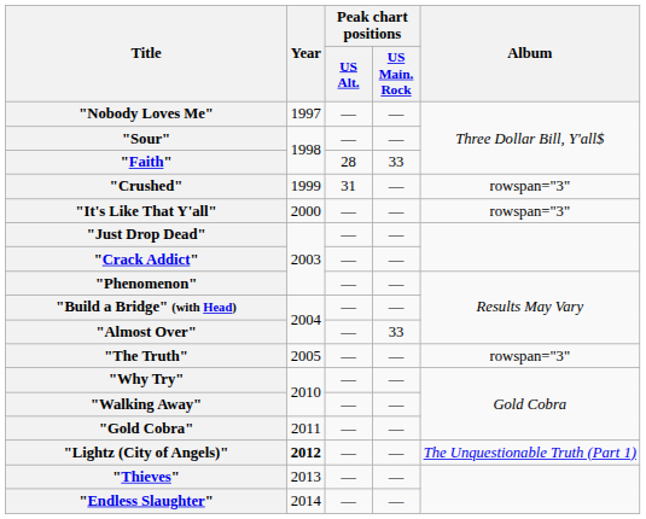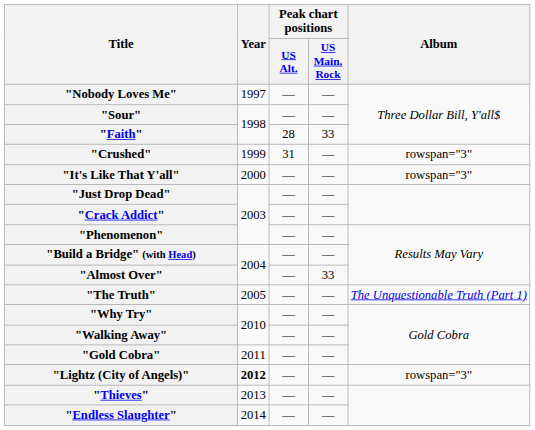 <table class="wikitable plainrowheaders" style="text-align:center;">
 <tr>
 <th scope="col" rowspan="2" style="width:18em;">Title</th>
 <th scope="col" rowspan="2">Year</th>
 <th scope="col" colspan="2">Peak chart positions</th>
 <th scope="col" rowspan="2">Album</th>
 </tr>
 <tr>
 <th scope="col" style="width:3em;font-size:90%;"><a href='#'>US<br>Alt.</a><br></th>
 <th scope="col" style="width:3em;font-size:90%;"><a href='#'>US<br>Main. Rock</a><br></th>
 </tr>
 <tr>
 <th scope="row">"Nobody Loves Me"</th>
 <td>1997</td>
 <td>—</td>
 <td>—</td>
 <td rowspan="3"><em>Three Dollar Bill, Y'all$</em></td>
 </tr>
 <tr>
 <th scope="row">"Sour"</th>
 <td rowspan="2">1998</td>
 <td>—</td>
 <td>—</td>
 </tr>
 <tr>
 <th scope="row">"<a href='#'>Faith</a>"</th>
 <td>28</td>
 <td>33</td>
 </tr>
 <tr>
 <th scope="row">"Crushed"</th>
 <td>1999</td>
 <td>31</td>
 <td>—</td>
 <td>rowspan="3" </td>
 </tr>
 <tr>
 <th scope="row">"It's Like That Y'all"</th>
 <td>2000</td>
 <td>—</td>
 <td>—</td>
 <td>rowspan="3" </td>
 </tr>
 <tr>
 <th scope="row">"Just Drop Dead"</th>
 <td rowspan="3">2003</td>
 <td>—</td>
 <td>—</td>
 </tr>
 <tr>
 <th scope="row">"<a href='#'>Crack Addict</a>"</th>
 <td>—</td>
 <td>—</td>
 </tr>
 <tr>
 <th scope="row">"Phenomenon"</th>
 <td>—</td>
 <td>—</td>
 <td rowspan="3"><em>Results May Vary</em></td>
 </tr>
 <tr>
 <th scope="row">"Build a Bridge" <small>(with <a href='#'>Head</a>)</small></th>
 <td rowspan="2">2004</td>
 <td>—</td>
 <td>—</td>
 </tr>
 <tr>
 <th scope="row">"Almost Over"</th>
 <td>—</td>
 <td>33</td>
 </tr>
 <tr>
 <th scope="row">"The Truth"</th>
 <td>2005</td>
 <td>—</td>
 <td>—</td>
-<td>rowspan="3" </td>
+<td><em><a href='#'>The Unquestionable Truth (Part 1)</a></em></td>
 </tr>
 <tr>
 <th scope="row">"Why Try"</th>
 <td rowspan="2">2010</td>
 <td>—</td>
 <td>—</td>
 <td rowspan="3"><em>Gold Cobra</em></td>
 </tr>
 <tr>
 <th scope="row">"Walking Away"</th>
 <td>—</td>
 <td>—</td>
 </tr>
 <tr>
 <th scope="row">"Gold Cobra"</th>
 <td>2011</td>
 <td>—</td>
 <td>—</td>
 </tr>
 <tr>
 <th scope="row">"Lightz (City of Angels)"</th>
 <td><strong>2012</strong></td>
 <td>—</td>
 <td>—</td>
-<td><em><a href='#'>The Unquestionable Truth (Part 1)</a></em></td>
+<td>rowspan="3" </td>
 </tr>
 <tr>
 <th scope="row">"<a href='#'>Thieves</a>"</th>
 <td>2013</td>
 <td>—</td>
 <td>—</td>
 </tr>
 <tr>
 <th scope="row">"<a href='#'>Endless Slaughter</a>"</th>
 <td>2014</td>
 <td>—</td>
 <td>—</td>
 </tr>
 </table>
